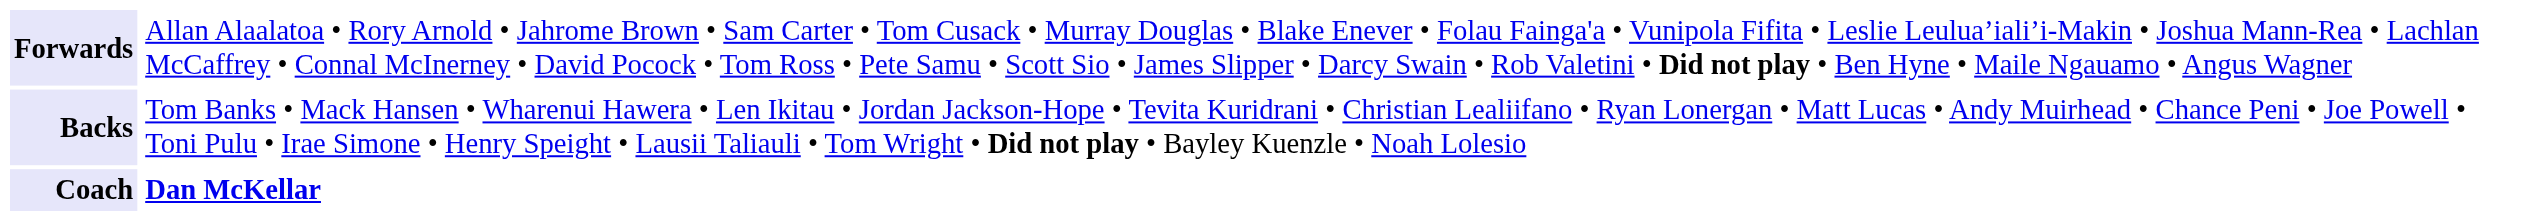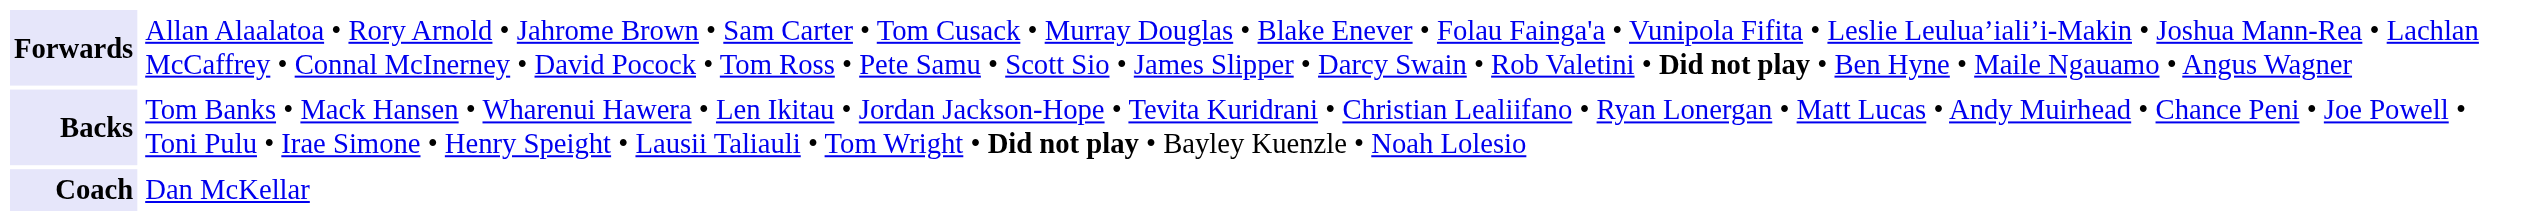 <table cellpadding="2" style="border: 1px solid white; font-size:90%;">
 <tr>
 <td style="text-align:right;" bgcolor="lavender"><strong>Forwards</strong></td>
 <td style="text-align:left;"><a href='#'>Allan Alaalatoa</a> • <a href='#'>Rory Arnold</a> • <a href='#'>Jahrome Brown</a> • <a href='#'>Sam Carter</a> • <a href='#'>Tom Cusack</a> • <a href='#'>Murray Douglas</a> • <a href='#'>Blake Enever</a> • <a href='#'>Folau Fainga'a</a> • <a href='#'>Vunipola Fifita</a> • <a href='#'>Leslie Leulua’iali’i-Makin</a> • <a href='#'>Joshua Mann-Rea</a> • <a href='#'>Lachlan McCaffrey</a> • <a href='#'>Connal McInerney</a> • <a href='#'>David Pocock</a> • <a href='#'>Tom Ross</a> • <a href='#'>Pete Samu</a> • <a href='#'>Scott Sio</a> • <a href='#'>James Slipper</a> • <a href='#'>Darcy Swain</a> • <a href='#'>Rob Valetini</a> • <strong>Did not play</strong> • <a href='#'>Ben Hyne</a> • <a href='#'>Maile Ngauamo</a> • <a href='#'>Angus Wagner</a></td>
 </tr>
 <tr>
 <td style="text-align:right;" bgcolor="lavender"><strong>Backs</strong></td>
 <td style="text-align:left;"><a href='#'>Tom Banks</a> • <a href='#'>Mack Hansen</a> • <a href='#'>Wharenui Hawera</a> • <a href='#'>Len Ikitau</a> • <a href='#'>Jordan Jackson-Hope</a> • <a href='#'>Tevita Kuridrani</a> • <a href='#'>Christian Lealiifano</a> • <a href='#'>Ryan Lonergan</a> • <a href='#'>Matt Lucas</a> • <a href='#'>Andy Muirhead</a> • <a href='#'>Chance Peni</a> • <a href='#'>Joe Powell</a> • <a href='#'>Toni Pulu</a> • <a href='#'>Irae Simone</a> • <a href='#'>Henry Speight</a> • <a href='#'>Lausii Taliauli</a> • <a href='#'>Tom Wright</a> • <strong>Did not play</strong> • Bayley Kuenzle • <a href='#'>Noah Lolesio</a></td>
 </tr>
 <tr>
 <td style="text-align:right;" bgcolor="lavender"><strong>Coach</strong></td>
-<td style="text-align:left;"><strong><a href='#'>Dan McKellar</a></strong></td>
+<td style="text-align:left;"><a href='#'>Dan McKellar</a></td>
 </tr>
 </table>
